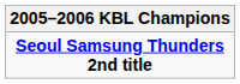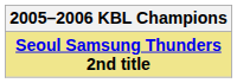 <table class=wikitable style="text-align:center; margin:auto">
 <tr>
 <th>2005–2006 KBL Champions</th>
 </tr>
 <tr>
-<td><strong><a href='#'>Seoul Samsung Thunders</a></strong><br><strong>2nd title</strong></td>
+<td style="background: khaki;"><strong><a href='#'>Seoul Samsung Thunders</a></strong><br><strong>2nd title</strong></td>
 </tr>
 </table>
